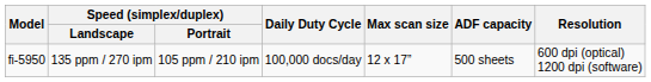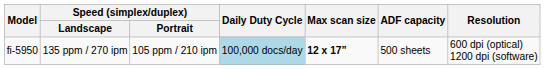 <table class="wikitable">
 <tr>
 <th rowspan="2">Model</th>
 <th colspan="2">Speed (simplex/duplex)</th>
 <th rowspan="2">Daily Duty Cycle</th>
 <th rowspan="2">Max scan size</th>
 <th rowspan="2">ADF capacity</th>
 <th rowspan="2">Resolution</th>
 </tr>
 <tr>
 <th>Landscape</th>
 <th>Portrait</th>
 </tr>
 <tr>
 <td>fi-5950</td>
 <td>135 ppm / 270 ipm</td>
 <td>105 ppm / 210 ipm</td>
-<td>100,000 docs/day</td>
-<td>12 x 17”</td>
+<td style="background: lightblue;">100,000 docs/day</td>
+<td><strong>12 x 17”</strong></td>
 <td>500 sheets</td>
 <td>600 dpi (optical)<br>1200 dpi (software)</td>
 </tr>
 </table>
